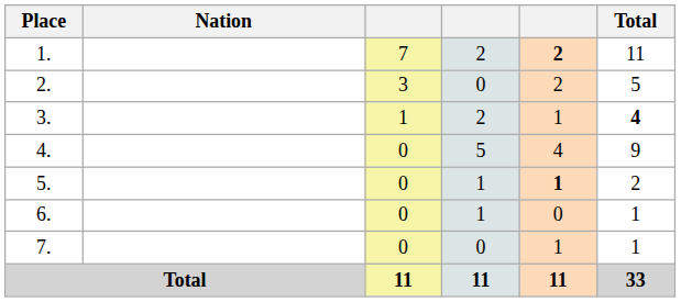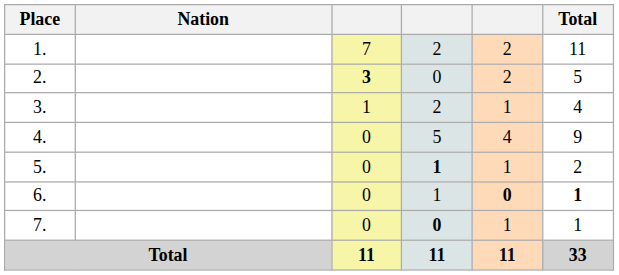 <table class=wikitable style="border:1px solid #AAAAAA;font-size:90%">
 <tr bgcolor="#EFEFEF">
 <th width=50>Place</th>
 <th width=200>Nation</th>
 <th width=50></th>
 <th width=50></th>
 <th width=50></th>
 <th width=50>Total</th>
 </tr>
 <tr align="center" valign="top" bgcolor="#FFFFFF">
 <td>1.</td>
 <td align="left"></td>
 <td style="background:#F7F6A8;">7</td>
 <td style="background:#DCE5E5;">2</td>
-<td style="background:#FFDAB9;"><strong>2</strong></td>
+<td style="background:#FFDAB9;">2</td>
 <td>11</td>
 </tr>
 <tr align="center" valign="top" bgcolor="#FFFFFF">
 <td>2.</td>
 <td align="left"></td>
-<td style="background:#F7F6A8;">3</td>
+<td style="background:#F7F6A8;"><strong>3</strong></td>
 <td style="background:#DCE5E5;">0</td>
 <td style="background:#FFDAB9;">2</td>
 <td>5</td>
 </tr>
 <tr align="center" valign="top" bgcolor="#FFFFFF">
 <td>3.</td>
 <td align="left"></td>
 <td style="background:#F7F6A8;">1</td>
 <td style="background:#DCE5E5;">2</td>
 <td style="background:#FFDAB9;">1</td>
-<td><strong>4</strong></td>
+<td>4</td>
 </tr>
 <tr align="center" valign="top" bgcolor="#FFFFFF">
 <td>4.</td>
 <td align="left"></td>
 <td style="background:#F7F6A8;">0</td>
 <td style="background:#DCE5E5;">5</td>
 <td style="background:#FFDAB9;">4</td>
 <td>9</td>
 </tr>
 <tr align="center" valign="top" bgcolor="#FFFFFF">
 <td>5.</td>
 <td align="left"></td>
 <td style="background:#F7F6A8;">0</td>
-<td style="background:#DCE5E5;">1</td>
-<td style="background:#FFDAB9;"><strong>1</strong></td>
+<td style="background:#DCE5E5;"><strong>1</strong></td>
+<td style="background:#FFDAB9;">1</td>
 <td>2</td>
 </tr>
 <tr align="center" valign="top" bgcolor="#FFFFFF">
 <td>6.</td>
 <td align="left"></td>
 <td style="background:#F7F6A8;">0</td>
 <td style="background:#DCE5E5;">1</td>
-<td style="background:#FFDAB9;">0</td>
-<td>1</td>
+<td style="background:#FFDAB9;"><strong>0</strong></td>
+<td><strong>1</strong></td>
 </tr>
 <tr align="center" valign="top" bgcolor="#FFFFFF">
 <td>7.</td>
 <td align="left"></td>
 <td style="background:#F7F6A8;">0</td>
-<td style="background:#DCE5E5;">0</td>
+<td style="background:#DCE5E5;"><strong>0</strong></td>
 <td style="background:#FFDAB9;">1</td>
 <td>1</td>
 </tr>
 <tr align="center">
 <td colspan="2" bgcolor=D3D3D3><strong>Total</strong></td>
 <td style="background:#F7F6A8;"><strong>11</strong></td>
 <td style="background:#DCE5E5;"><strong>11</strong></td>
 <td style="background:#FFDAB9;"><strong>11</strong></td>
 <td bgcolor=D3D3D3><strong>33</strong></td>
 </tr>
 </table>
